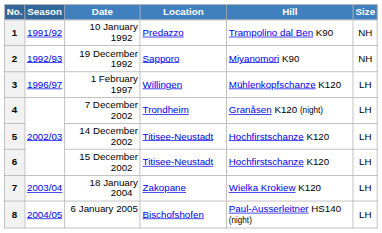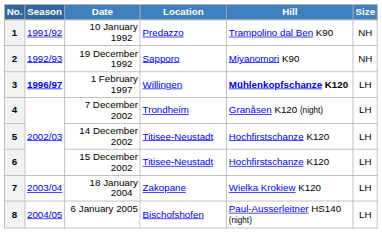 <table class="wikitable sortable" style="font-size:86%; line-height:15px; text-align:left; border:grey solid 1px; border-collapse:collapse; background:#ffffff;">
 <tr style="background:#efefef;">
 <th style="background-color:#369; color:white; width:10px;">No.</th>
 <th style="background-color:#369; color:white;  width:30px;">Season</th>
 <th style="background-color:#4180be; color:white; width:100px;">Date</th>
 <th style="background-color:#4180be; color:white; width:115px;">Location</th>
 <th style="background-color:#4180be; color:white; width:172px;">Hill</th>
 <th style="background-color:#4180be; color:white; width:25px;">Size</th>
 </tr>
 <tr>
 <th scope=row style="text-align:center;">1</th>
 <td align=center><a href='#'>1991/92</a></td>
 <td align=right>10 January 1992  </td>
 <td> <a href='#'>Predazzo</a></td>
 <td><a href='#'>Trampolino dal Ben</a> K90</td>
 <td align=center>NH</td>
 </tr>
 <tr>
 <th scope=row style="text-align:center;">2</th>
 <td align=center><a href='#'>1992/93</a></td>
 <td align=right>19 December 1992  </td>
 <td> <a href='#'>Sapporo</a></td>
 <td><a href='#'>Miyanomori</a> K90</td>
 <td align=center>NH</td>
 </tr>
 <tr>
 <th scope=row style="text-align:center;">3</th>
-<td align=center><a href='#'>1996/97</a></td>
+<td align=center><strong><a href='#'>1996/97</a></strong></td>
 <td align=right>1 February 1997  </td>
 <td> <a href='#'>Willingen</a></td>
-<td><a href='#'>Mühlenkopfschanze</a> K120</td>
+<td><strong><a href='#'>Mühlenkopfschanze</a> K120</strong></td>
 <td align=center>LH</td>
 </tr>
 <tr>
 <th scope=row style="text-align:center;">4</th>
 <td align=center rowspan=3><a href='#'>2002/03</a></td>
 <td align=right>7 December 2002  </td>
 <td> <a href='#'>Trondheim</a></td>
 <td><a href='#'>Granåsen</a> K120 <small>(night)</small></td>
 <td align=center>LH</td>
 </tr>
 <tr>
 <th scope=row style="text-align:center;">5</th>
 <td align=right>14 December 2002  </td>
 <td> <a href='#'>Titisee-Neustadt</a></td>
 <td><a href='#'>Hochfirstschanze</a> K120</td>
 <td align=center>LH</td>
 </tr>
 <tr>
 <th scope=row style="text-align:center;">6</th>
 <td align=right>15 December 2002  </td>
 <td> <a href='#'>Titisee-Neustadt</a></td>
 <td><a href='#'>Hochfirstschanze</a> K120</td>
 <td align=center>LH</td>
 </tr>
 <tr>
 <th scope=row style="text-align:center;">7</th>
 <td align=center><a href='#'>2003/04</a></td>
 <td align=right>18 January 2004  </td>
 <td> <a href='#'>Zakopane</a></td>
 <td><a href='#'>Wielka Krokiew</a> K120</td>
 <td align=center>LH</td>
 </tr>
 <tr>
 <th scope=row style="text-align:center;">8</th>
 <td align=center><a href='#'>2004/05</a></td>
 <td align=right>6 January 2005  </td>
 <td> <a href='#'>Bischofshofen</a></td>
 <td><a href='#'>Paul-Ausserleitner</a> HS140 <small>(night)</small></td>
 <td align=center>LH</td>
 </tr>
 </table>
